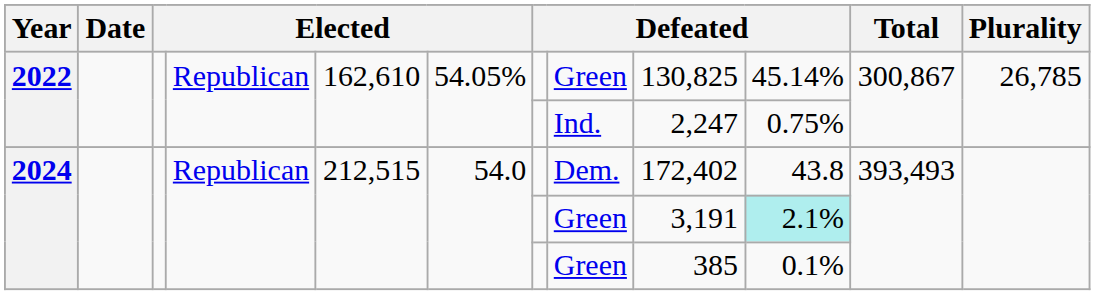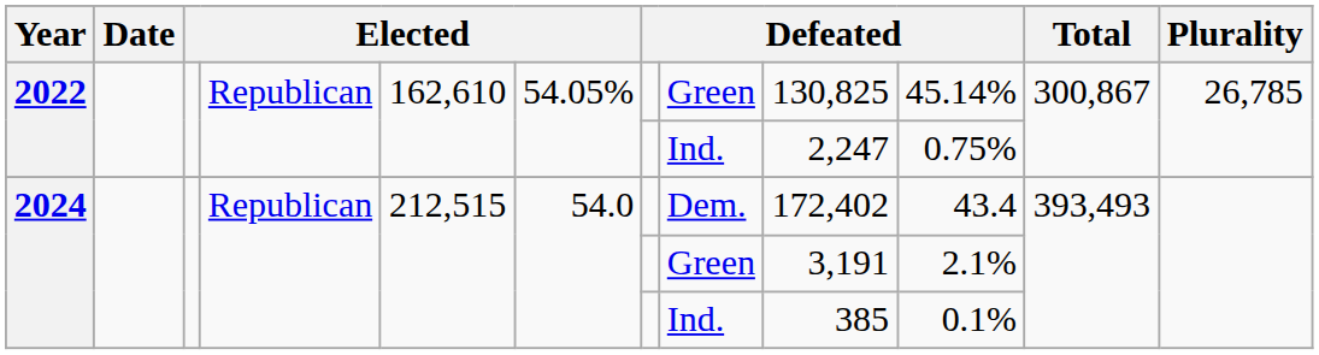 <table class=wikitable>
 <tr>
 <th>Year</th>
 <th>Date</th>
 <th ! colspan="4">Elected</th>
 <th ! colspan="4">Defeated</th>
 <th>Total</th>
 <th>Plurality</th>
 </tr>
 <tr>
 <th rowspan="2" valign="top"><a href='#'>2022</a></th>
 <td rowspan="2" valign="top"></td>
 <td rowspan="2" valign="top"></td>
 <td rowspan="2" valign="top" ><a href='#'>Republican</a></td>
 <td rowspan="2" valign="top" align="right">162,610</td>
 <td rowspan="2" valign="top" align="right">54.05%</td>
 <td valign="top"></td>
 <td valign="top" ><a href='#'>Green</a></td>
 <td valign="top" align="right">130,825</td>
 <td valign="top" align="right">45.14%</td>
 <td rowspan="2" valign="top" align="right">300,867</td>
 <td rowspan="2" valign="top" align="right">26,785</td>
 </tr>
 <tr>
 <td valign="top"></td>
 <td valign="top" ><a href='#'>Ind.</a></td>
 <td valign="top" align="right">2,247</td>
 <td valign="top" align="right">0.75%</td>
 </tr>
 <tr>
 <th rowspan="4" valign="top"><a href='#'>2024</a></th>
 <td rowspan="4" valign="top"></td>
 <td rowspan="4" valign="top"></td>
 <td rowspan="4" valign="top" ><a href='#'>Republican</a></td>
 <td rowspan="4" valign="top" align="right">212,515</td>
 <td rowspan="4" valign="top" align="right">54.0</td>
 <td valign="top"></td>
 <td valign="top" ><a href='#'>Dem.</a></td>
 <td valign="top" align="right">172,402</td>
-<td valign="top" align="right">43.8</td>
+<td valign="top" align="right">43.4</td>
 <td rowspan="4" valign="top" align="right">393,493</td>
 </tr>
 <tr>
 <td valign="top"></td>
 <td valign="top" ><a href='#'>Green</a></td>
 <td valign="top" align="right">3,191</td>
-<td valign="top" align="right" style="background: paleturquoise;">2.1%</td>
+<td valign="top" align="right">2.1%</td>
 </tr>
 <tr>
 <td valign="top"></td>
-<td valign="top" ><a href='#'>Green</a></td>
+<td valign="top" ><a href='#'>Ind.</a></td>
 <td valign="top" align="right">385</td>
 <td valign="top" align="right">0.1%</td>
 </tr>
 </table>
